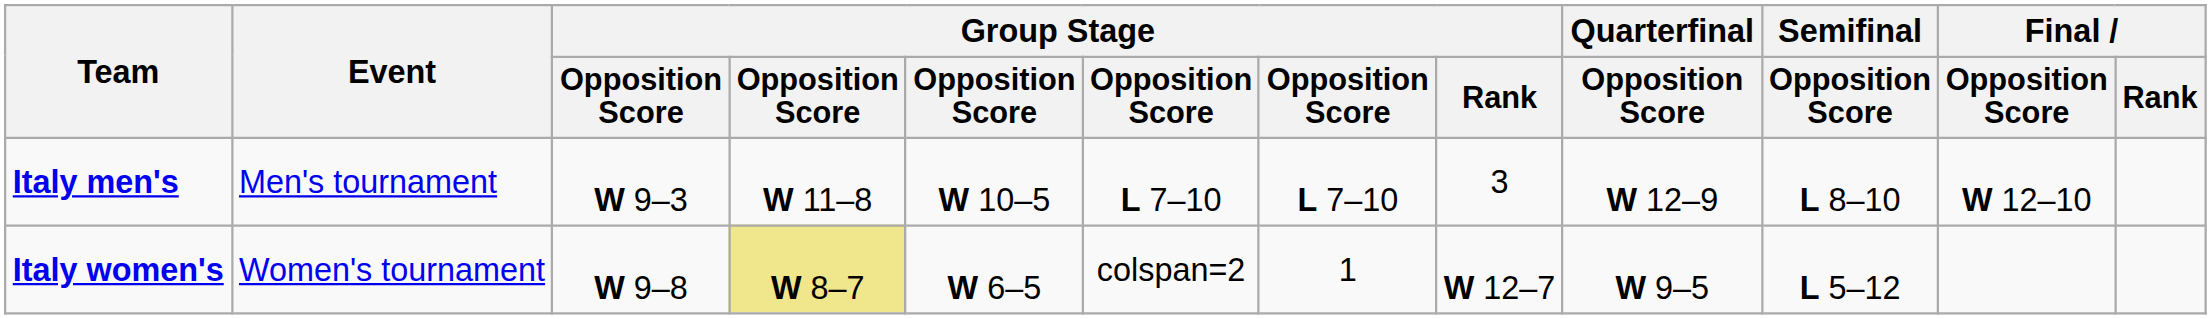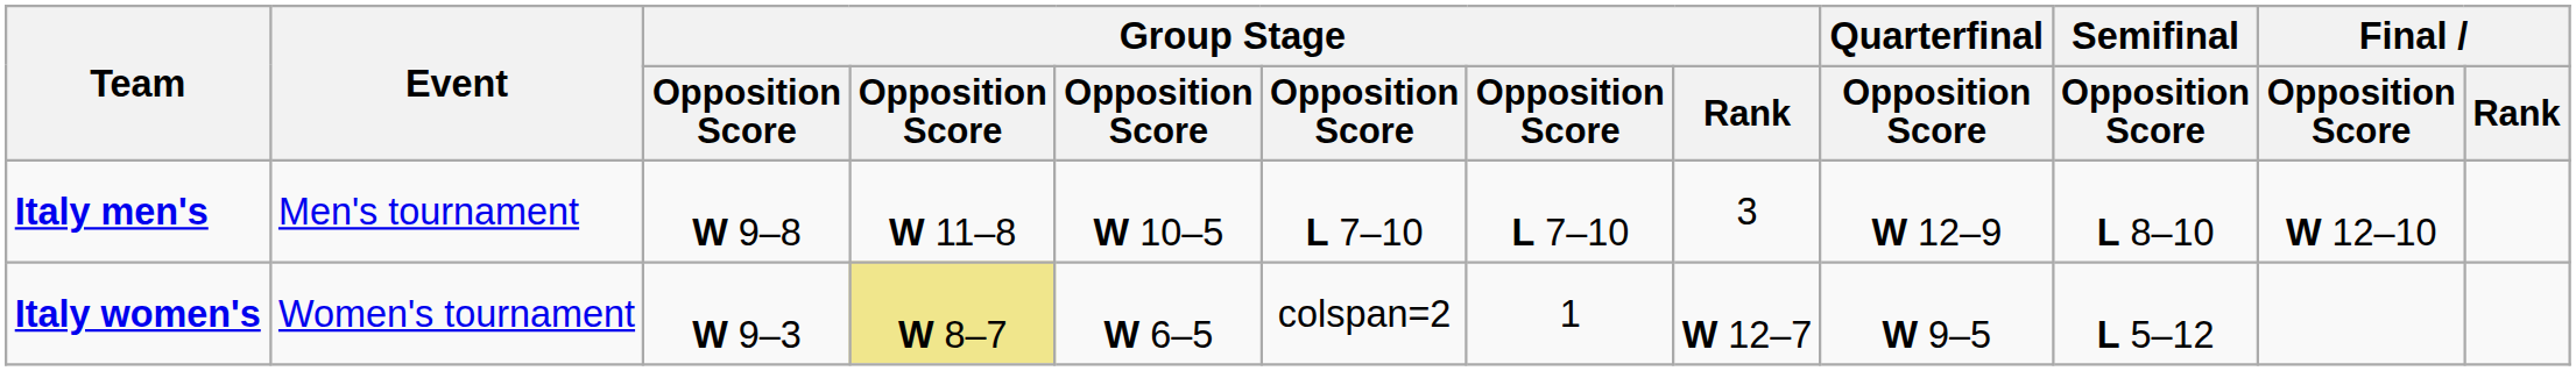 <table class="wikitable" style="font-size:90%">
 <tr>
 <th rowspan=2>Team</th>
 <th rowspan=2>Event</th>
 <th colspan=6>Group Stage</th>
 <th>Quarterfinal</th>
 <th>Semifinal</th>
 <th colspan=2>Final / </th>
 </tr>
 <tr style="font-size:95%">
 <th>Opposition<br>Score</th>
 <th>Opposition<br>Score</th>
 <th>Opposition<br>Score</th>
 <th>Opposition<br>Score</th>
 <th>Opposition<br>Score</th>
 <th>Rank</th>
 <th>Opposition<br>Score</th>
 <th>Opposition<br>Score</th>
 <th>Opposition<br>Score</th>
 <th>Rank</th>
 </tr>
 <tr align=center>
 <td align=left><strong><a href='#'>Italy men's</a></strong></td>
 <td align=left><a href='#'>Men's tournament</a></td>
-<td><br><strong>W</strong> 9–3</td>
+<td><br><strong>W</strong> 9–8</td>
 <td><br><strong>W</strong> 11–8</td>
 <td><br><strong>W</strong> 10–5</td>
 <td><br><strong>L</strong> 7–10</td>
 <td><br><strong>L</strong> 7–10</td>
 <td>3</td>
 <td><br><strong>W</strong> 12–9</td>
 <td><br><strong>L</strong> 8–10</td>
 <td><br><strong>W</strong> 12–10</td>
 <td></td>
 </tr>
 <tr align=center>
 <td align=left><strong><a href='#'>Italy women's</a></strong></td>
 <td align=left><a href='#'>Women's tournament</a></td>
-<td><br><strong>W</strong> 9–8</td>
+<td><br><strong>W</strong> 9–3</td>
 <td style="background: khaki;"><br><strong>W</strong> 8–7</td>
 <td><br><strong>W</strong> 6–5</td>
 <td>colspan=2 </td>
 <td>1</td>
 <td><br><strong>W</strong> 12–7</td>
 <td><br><strong>W</strong> 9–5</td>
 <td><br><strong>L</strong> 5–12</td>
 <td></td>
 </tr>
 </table>
